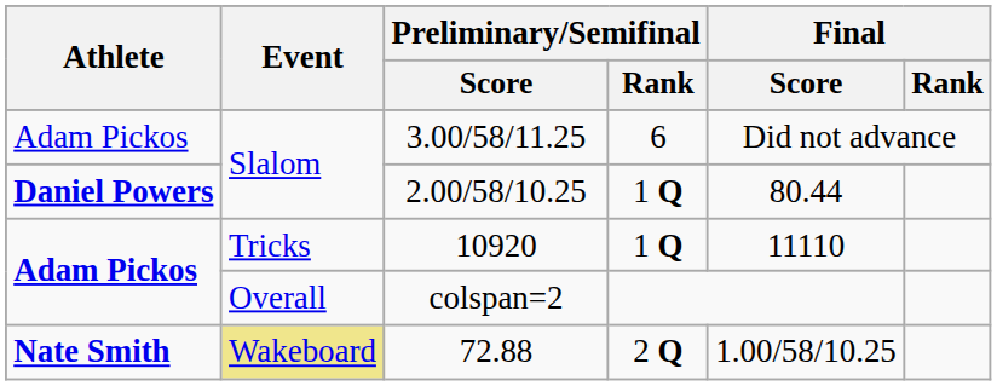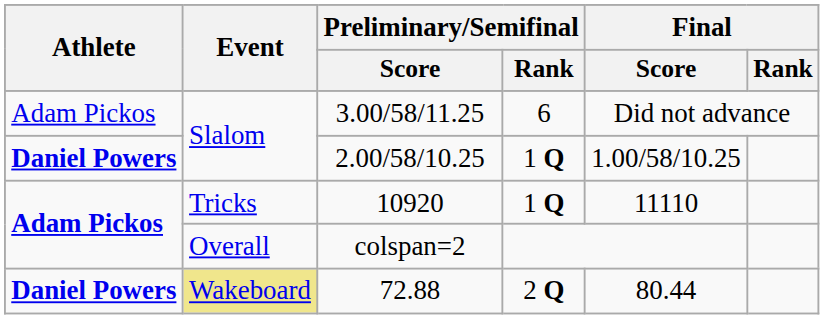 <table class=wikitable style="font-size:90%;">
 <tr>
 <th rowspan=2>Athlete</th>
 <th rowspan=2>Event</th>
 <th colspan=2>Preliminary/Semifinal</th>
 <th colspan=2>Final</th>
 </tr>
 <tr style="font-size:95%">
 <th>Score</th>
 <th>Rank</th>
 <th>Score</th>
 <th>Rank</th>
 </tr>
 <tr align=center>
 <td align=left><a href='#'>Adam Pickos</a></td>
 <td align=left rowspan=2><a href='#'>Slalom</a></td>
 <td>3.00/58/11.25</td>
 <td>6</td>
 <td colspan=2>Did not advance</td>
 </tr>
 <tr align=center>
 <td align=left><strong><a href='#'>Daniel Powers</a></strong></td>
 <td>2.00/58/10.25</td>
 <td>1 <strong>Q</strong></td>
-<td>80.44</td>
+<td>1.00/58/10.25</td>
 <td></td>
 </tr>
 <tr align=center>
 <td align=left rowspan=2><strong><a href='#'>Adam Pickos</a></strong></td>
 <td align=left><a href='#'>Tricks</a></td>
 <td>10920</td>
 <td>1 <strong>Q</strong></td>
 <td>11110</td>
 <td></td>
 </tr>
 <tr align=center>
 <td align=left><a href='#'>Overall</a></td>
 <td>colspan=2 </td>
 <td colspan=2></td>
 </tr>
 <tr align=center>
-<td align=left><strong><a href='#'>Nate Smith</a></strong></td>
+<td align=left><strong><a href='#'>Daniel Powers</a></strong></td>
 <td align=left style="background: khaki;"><a href='#'>Wakeboard</a></td>
 <td>72.88</td>
 <td>2 <strong>Q</strong></td>
-<td>1.00/58/10.25</td>
+<td>80.44</td>
 <td></td>
 </tr>
 </table>
